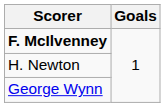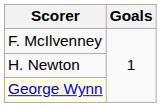 <table class="wikitable">
 <tr>
 <th>Scorer</th>
 <th>Goals</th>
 </tr>
 <tr>
-<td><strong>F. McIlvenney</strong></td>
+<td>F. McIlvenney</td>
 <td rowspan="3" align=center>1</td>
 </tr>
 <tr>
 <td>H. Newton</td>
 </tr>
 <tr>
-<td> <a href='#'>George Wynn</a></td>
+<td style="background: lightyellow;"> <a href='#'>George Wynn</a></td>
 </tr>
 </table>
